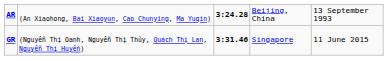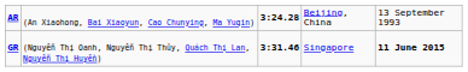 <table class="wikitable" style="font-size:95%; position:relative;">
 <tr>
 <td align=center><strong><a href='#'>AR</a></strong></td>
 <td><br><small>(An Xiaohong, <a href='#'>Bai Xiaoyun</a>, <a href='#'>Cao Chunying</a>, <a href='#'>Ma Yuqin</a>)</small></td>
 <td><strong>3:24.28</strong></td>
 <td><a href='#'>Beijing</a>, China</td>
 <td>13 September 1993</td>
 </tr>
 <tr>
 <td align=center><strong><a href='#'>GR</a></strong></td>
 <td><br><small>(Nguyễn Thị Oanh, Nguyễn Thị Thủy, <a href='#'>Quách Thị Lan</a>, <a href='#'>Nguyễn Thị Huyền</a>)</small></td>
 <td><strong>3:31.46</strong></td>
 <td><a href='#'>Singapore</a></td>
-<td>11 June 2015</td>
+<td><strong>11 June 2015</strong></td>
 </tr>
 </table>
